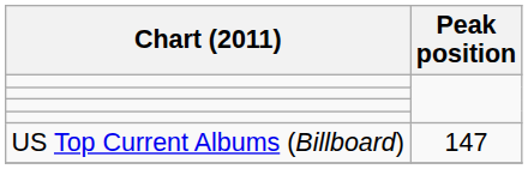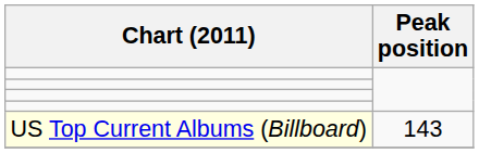 <table class="wikitable">
 <tr>
 <th>Chart (2011)</th>
 <th>Peak<br>position</th>
 </tr>
 <tr>
 <td></td>
 </tr>
 <tr>
 <td></td>
 </tr>
 <tr>
 <td></td>
 </tr>
 <tr>
 <td></td>
 </tr>
 <tr>
-<td align="left">US <a href='#'>Top Current Albums</a> (<em>Billboard</em>)</td>
-<td align="center">147</td>
+<td align="left" style="background: lightyellow;">US <a href='#'>Top Current Albums</a> (<em>Billboard</em>)</td>
+<td align="center">143</td>
 </tr>
 <tr>
 </tr>
 </table>
